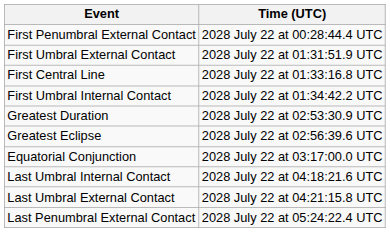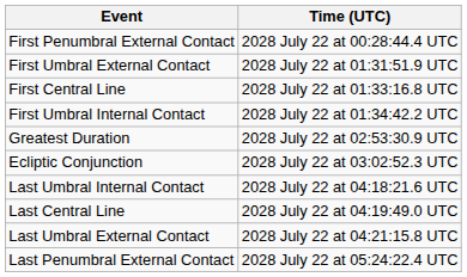 <table class="wikitable">
 <tr>
 <th>Event</th>
 <th>Time (UTC)</th>
 </tr>
 <tr>
 <td>First Penumbral External Contact</td>
 <td>2028 July 22 at 00:28:44.4 UTC</td>
 </tr>
 <tr>
 <td>First Umbral External Contact</td>
 <td>2028 July 22 at 01:31:51.9 UTC</td>
 </tr>
 <tr>
 <td>First Central Line</td>
 <td>2028 July 22 at 01:33:16.8 UTC</td>
 </tr>
 <tr>
 <td>First Umbral Internal Contact</td>
 <td>2028 July 22 at 01:34:42.2 UTC</td>
 </tr>
 <tr>
 <td>Greatest Duration</td>
 <td>2028 July 22 at 02:53:30.9 UTC</td>
 </tr>
 <tr>
-<td>Greatest Eclipse</td>
-<td>2028 July 22 at 02:56:39.6 UTC</td>
-</tr>
-<tr>
-<td>Equatorial Conjunction</td>
-<td>2028 July 22 at 03:17:00.0 UTC</td>
+<td>Ecliptic Conjunction</td>
+<td>2028 July 22 at 03:02:52.3 UTC</td>
 </tr>
 <tr>
 <td>Last Umbral Internal Contact</td>
 <td>2028 July 22 at 04:18:21.6 UTC</td>
+</tr>
+<tr>
+<td>Last Central Line</td>
+<td>2028 July 22 at 04:19:49.0 UTC</td>
 </tr>
 <tr>
 <td>Last Umbral External Contact</td>
 <td>2028 July 22 at 04:21:15.8 UTC</td>
 </tr>
 <tr>
 <td>Last Penumbral External Contact</td>
 <td>2028 July 22 at 05:24:22.4 UTC</td>
 </tr>
 </table>
